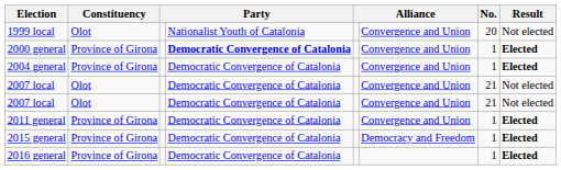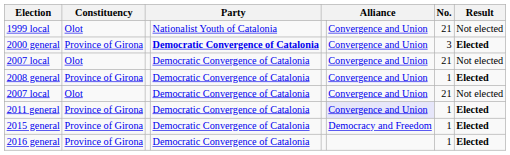 <table class="wikitable" style="text-align:left;">
 <tr>
 <th scope=col>Election</th>
 <th scope=col>Constituency</th>
 <th scope=col colspan="2">Party</th>
 <th scope=col colspan="2">Alliance</th>
 <th scope=col>No.</th>
 <th scope=col>Result</th>
 </tr>
 <tr>
 <td><a href='#'>1999 local</a></td>
 <td><a href='#'>Olot</a></td>
 <td></td>
 <td><a href='#'>Nationalist Youth of Catalonia</a></td>
 <td style="background:"></td>
 <td><a href='#'>Convergence and Union</a></td>
-<td align=right>20</td>
+<td align=right>21</td>
 <td>Not elected</td>
 </tr>
 <tr>
 <td><a href='#'>2000 general</a></td>
 <td><a href='#'>Province of Girona</a></td>
 <td style="background:"></td>
 <td><strong><a href='#'>Democratic Convergence of Catalonia</a></strong></td>
 <td style="background:"></td>
 <td><a href='#'>Convergence and Union</a></td>
-<td align=right>1</td>
+<td align=right>3</td>
 <td><strong>Elected</strong></td>
 </tr>
 <tr>
-<td><a href='#'>2004 general</a></td>
+<td><a href='#'>2007 local</a></td>
+<td><a href='#'>Olot</a></td>
+<td style="background:"></td>
+<td><a href='#'>Democratic Convergence of Catalonia</a></td>
+<td style="background:"></td>
+<td><a href='#'>Convergence and Union</a></td>
+<td align=right>21</td>
+<td>Not elected</td>
+</tr>
+<tr>
+<td><a href='#'>2008 general</a></td>
 <td><a href='#'>Province of Girona</a></td>
 <td style="background:"></td>
 <td><a href='#'>Democratic Convergence of Catalonia</a></td>
 <td style="background:"></td>
 <td><a href='#'>Convergence and Union</a></td>
 <td align=right>1</td>
 <td><strong>Elected</strong></td>
 </tr>
 <tr>
 <td><a href='#'>2007 local</a></td>
 <td><a href='#'>Olot</a></td>
 <td style="background:"></td>
 <td><a href='#'>Democratic Convergence of Catalonia</a></td>
 <td style="background:"></td>
 <td><a href='#'>Convergence and Union</a></td>
 <td align=right>21</td>
 <td>Not elected</td>
 </tr>
 <tr>
-<td><a href='#'>2007 local</a></td>
-<td><a href='#'>Olot</a></td>
-<td style="background:"></td>
-<td><a href='#'>Democratic Convergence of Catalonia</a></td>
-<td style="background:"></td>
-<td><a href='#'>Convergence and Union</a></td>
-<td align=right>21</td>
-<td>Not elected</td>
-</tr>
-<tr>
 <td><a href='#'>2011 general</a></td>
 <td><a href='#'>Province of Girona</a></td>
 <td style="background:"></td>
 <td><a href='#'>Democratic Convergence of Catalonia</a></td>
 <td style="background:"></td>
-<td><a href='#'>Convergence and Union</a></td>
+<td style="background: lavender;"><a href='#'>Convergence and Union</a></td>
 <td align=right>1</td>
 <td><strong>Elected</strong></td>
 </tr>
 <tr>
 <td><a href='#'>2015 general</a></td>
 <td><a href='#'>Province of Girona</a></td>
 <td style="background:"></td>
 <td><a href='#'>Democratic Convergence of Catalonia</a></td>
 <td style="background:"></td>
 <td><a href='#'>Democracy and Freedom</a></td>
 <td align=right>1</td>
 <td><strong>Elected</strong></td>
 </tr>
 <tr>
 <td><a href='#'>2016 general</a></td>
 <td><a href='#'>Province of Girona</a></td>
 <td style="background:"></td>
 <td><a href='#'>Democratic Convergence of Catalonia</a></td>
 <td></td>
 <td></td>
 <td align=right>1</td>
 <td><strong>Elected</strong></td>
 </tr>
 </table>
